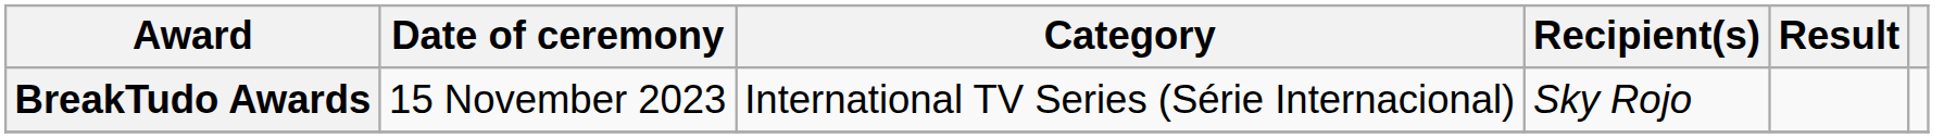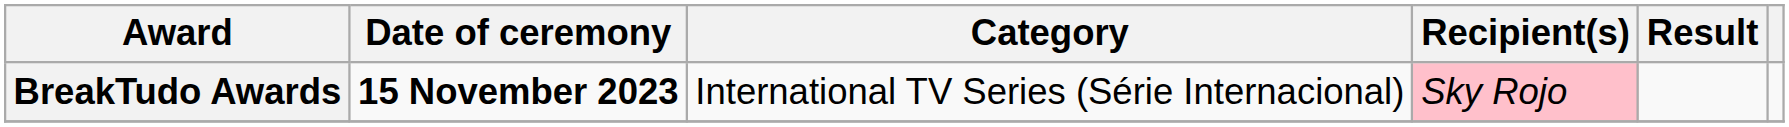 <table class="wikitable sortable plainrowheaders">
 <tr>
 <th scope="col">Award</th>
 <th scope="col">Date of ceremony</th>
 <th scope="col">Category</th>
 <th scope="col">Recipient(s)</th>
 <th scope="col">Result</th>
 <th scope="col" class="unsortable"></th>
 </tr>
 <tr>
 <th scope="row">BreakTudo Awards</th>
-<td>15 November 2023</td>
+<td><strong>15 November 2023</strong></td>
 <td>International TV Series (Série Internacional)</td>
-<td><em>Sky Rojo</em></td>
+<td style="background: pink;"><em>Sky Rojo</em></td>
 <td></td>
 <td align="center"></td>
 </tr>
 <tr>
 </tr>
 </table>
